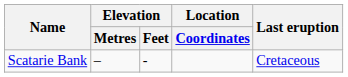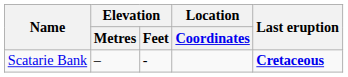 <table class="wikitable">
 <tr>
 <th rowspan="2">Name</th>
 <th colspan="2">Elevation</th>
 <th>Location</th>
 <th rowspan="2">Last eruption</th>
 </tr>
 <tr>
 <th>Metres</th>
 <th>Feet</th>
 <th><a href='#'>Coordinates</a></th>
 </tr>
 <tr>
 <td><a href='#'>Scatarie Bank</a></td>
 <td>–</td>
 <td>-</td>
 <td></td>
-<td><a href='#'>Cretaceous</a></td>
+<td><strong><a href='#'>Cretaceous</a></strong></td>
 </tr>
 </table>
